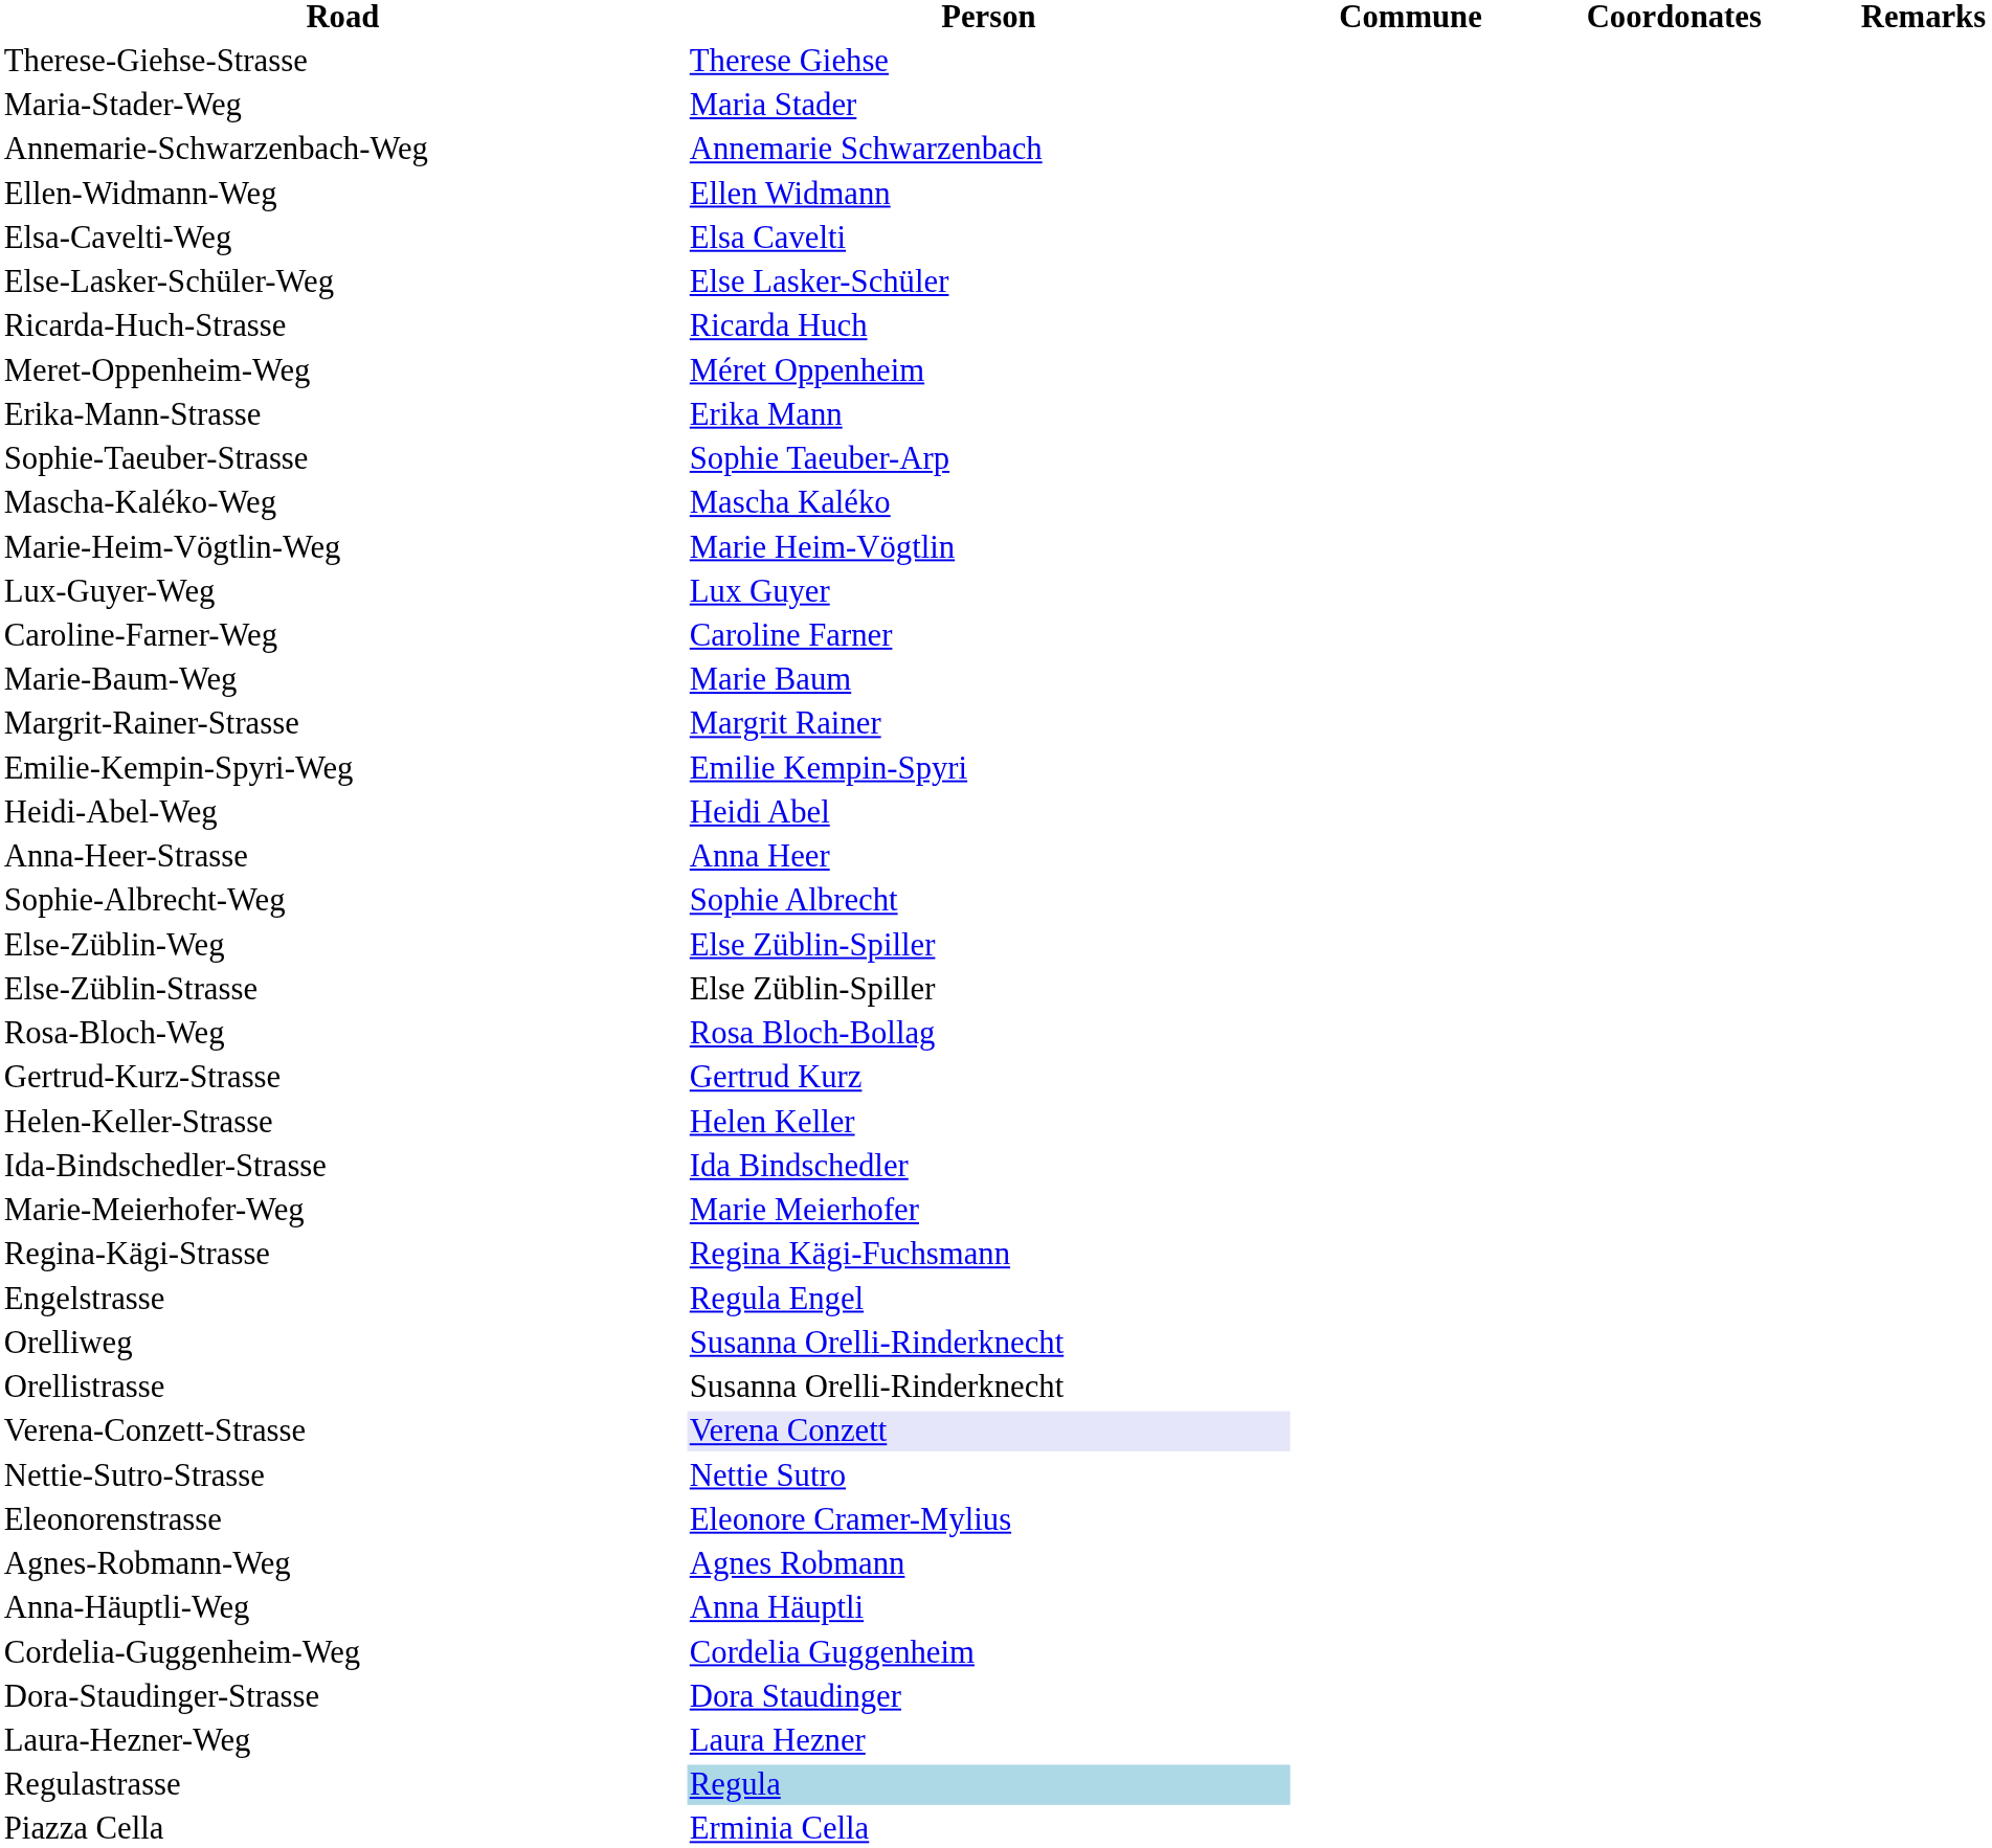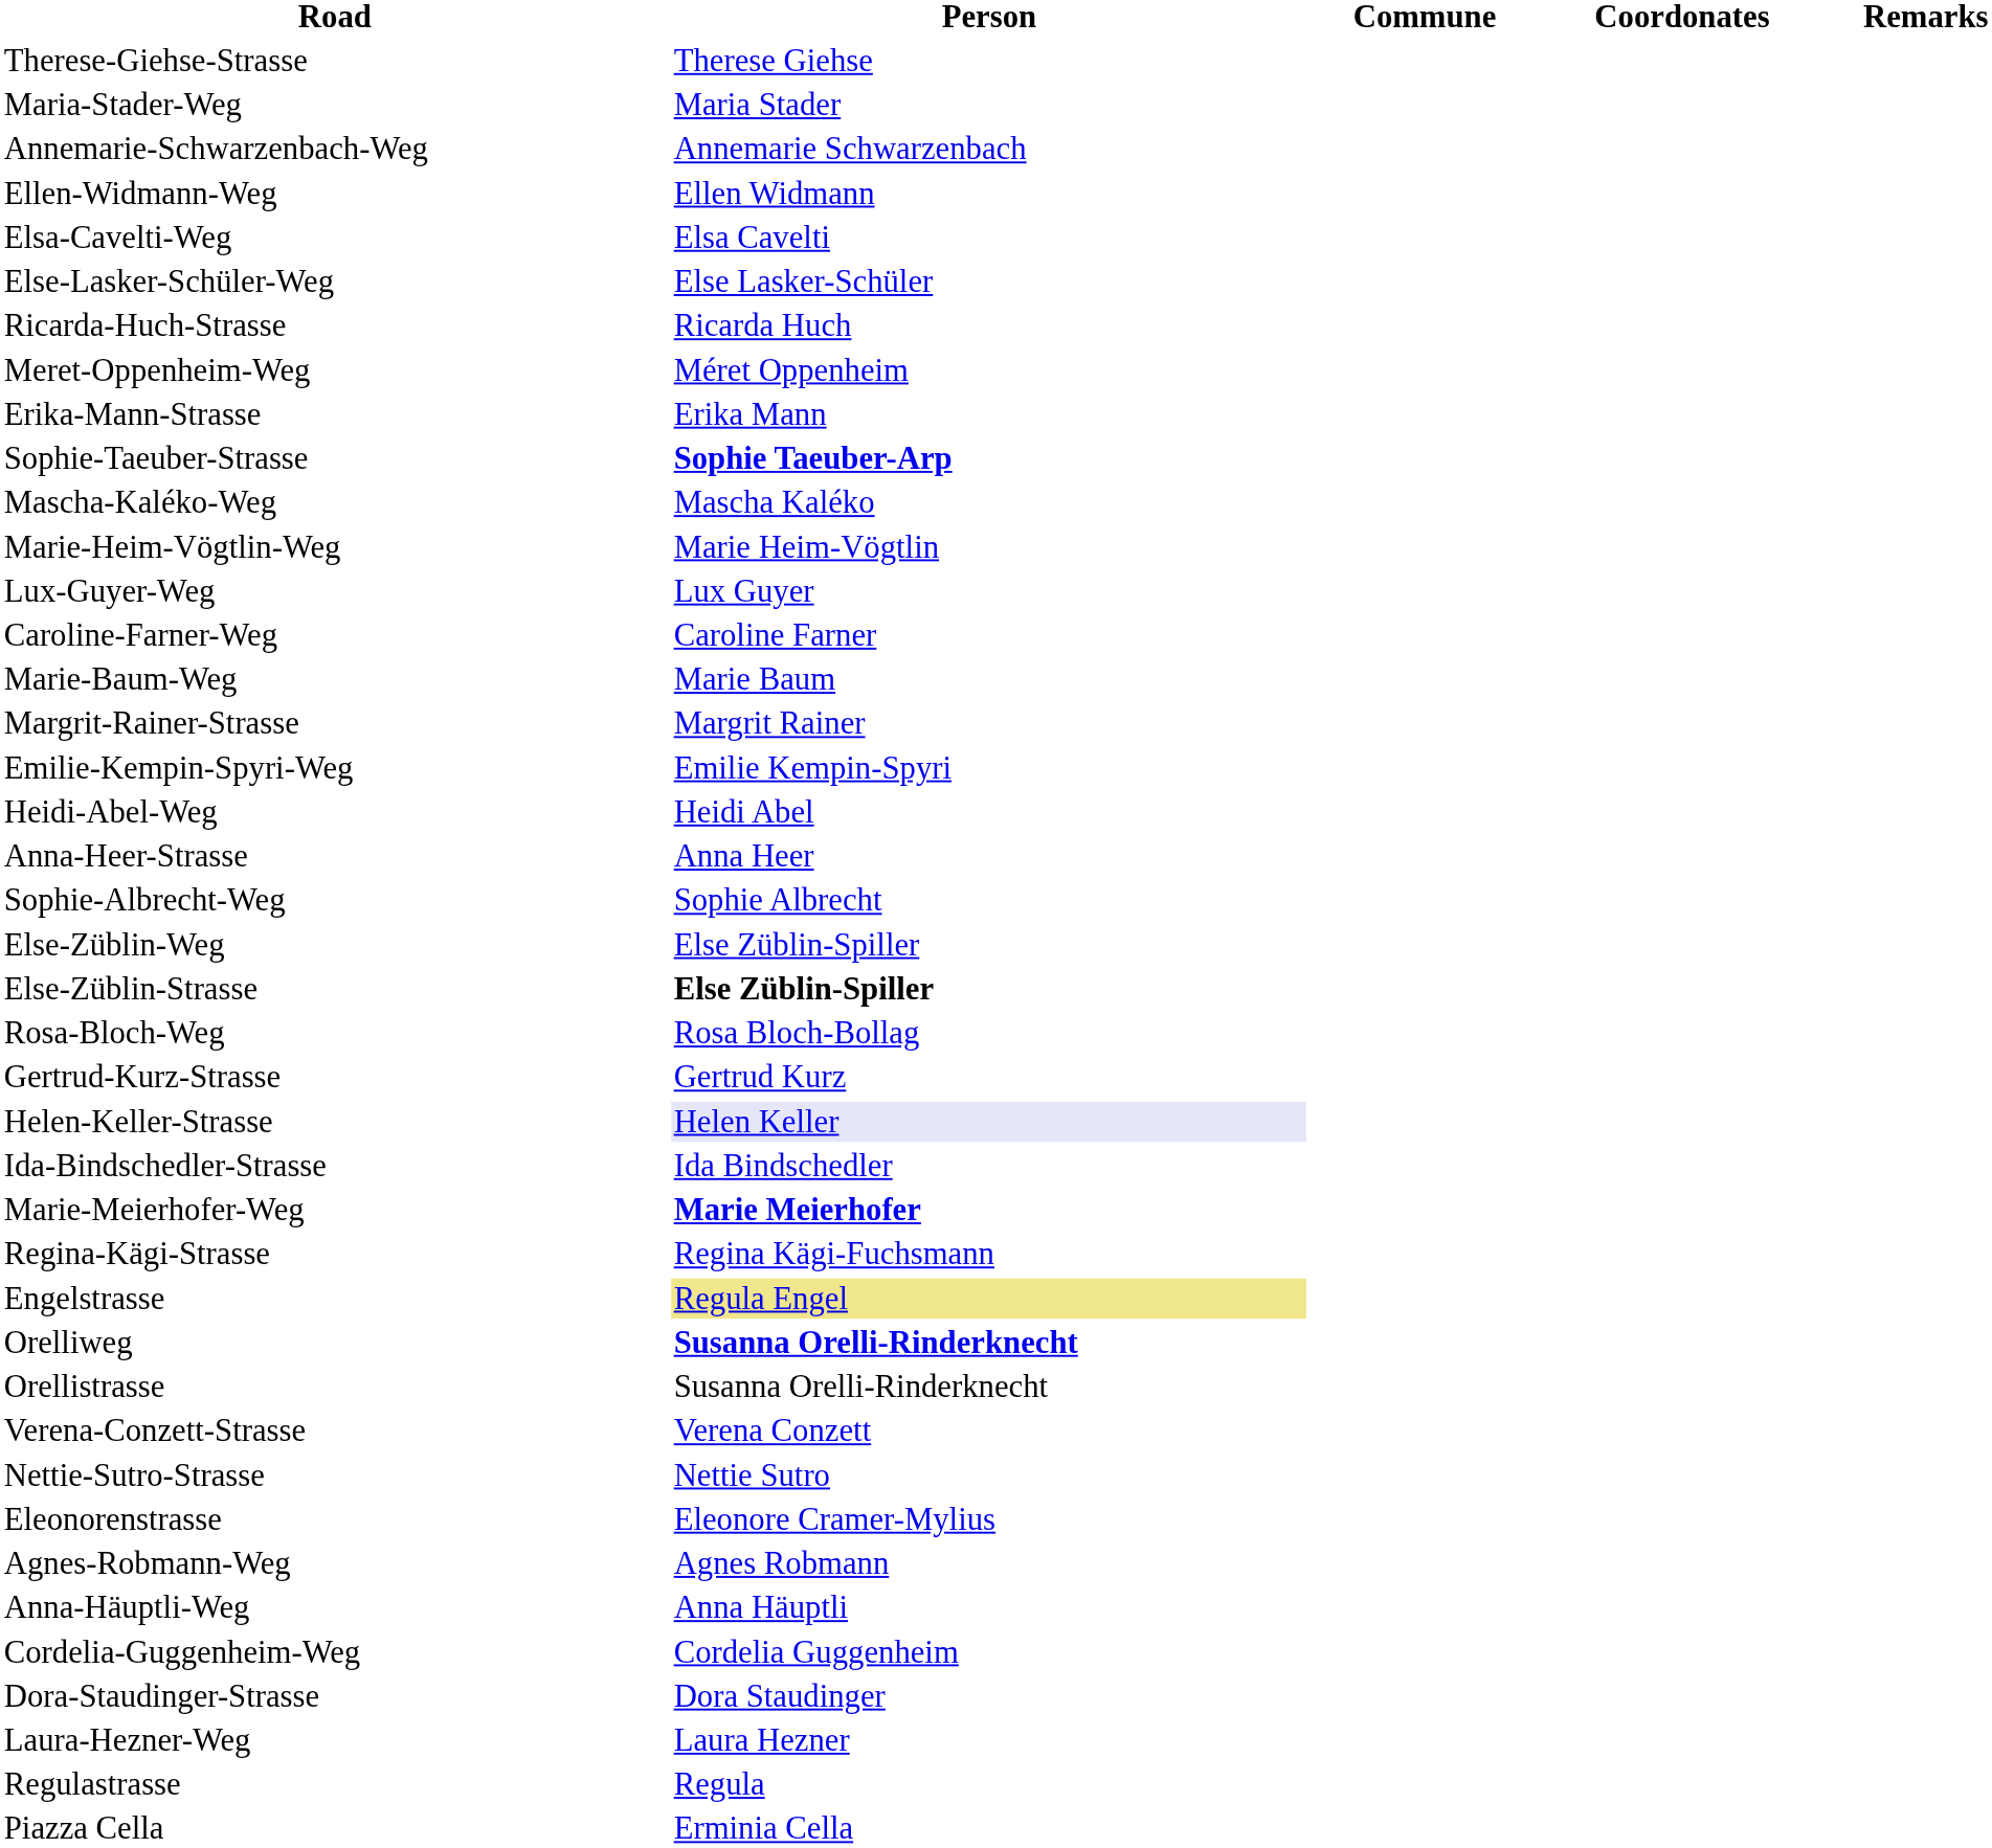 <table width="80%">
 <tr>
 <th>Road</th>
 <th>Person</th>
 <th>Commune</th>
 <th>Coordonates</th>
 <th>Remarks</th>
 </tr>
 <tr>
 <td>Therese-Giehse-Strasse</td>
 <td><a href='#'>Therese Giehse</a></td>
 <td></td>
 </tr>
 <tr>
 <td>Maria-Stader-Weg</td>
 <td><a href='#'>Maria Stader</a></td>
 <td></td>
 </tr>
 <tr>
 <td>Annemarie-Schwarzenbach-Weg</td>
 <td><a href='#'>Annemarie Schwarzenbach</a></td>
 <td></td>
 </tr>
 <tr>
 <td>Ellen-Widmann-Weg</td>
 <td><a href='#'>Ellen Widmann</a></td>
 <td></td>
 </tr>
 <tr>
 <td>Elsa-Cavelti-Weg</td>
 <td><a href='#'>Elsa Cavelti</a></td>
 <td></td>
 </tr>
 <tr>
 <td>Else-Lasker-Schüler-Weg</td>
 <td><a href='#'>Else Lasker-Schüler</a></td>
 <td></td>
 </tr>
 <tr>
 <td>Ricarda-Huch-Strasse</td>
 <td><a href='#'>Ricarda Huch</a></td>
 <td></td>
 </tr>
 <tr>
 <td>Meret-Oppenheim-Weg</td>
 <td><a href='#'>Méret Oppenheim</a></td>
 <td></td>
 </tr>
 <tr>
 <td>Erika-Mann-Strasse</td>
 <td><a href='#'>Erika Mann</a></td>
 <td></td>
 </tr>
 <tr>
 <td>Sophie-Taeuber-Strasse</td>
-<td><a href='#'>Sophie Taeuber-Arp</a></td>
+<td><strong><a href='#'>Sophie Taeuber-Arp</a></strong></td>
 <td></td>
 </tr>
 <tr>
 <td>Mascha-Kaléko-Weg</td>
 <td><a href='#'>Mascha Kaléko</a></td>
 <td></td>
 </tr>
 <tr>
 <td>Marie-Heim-Vögtlin-Weg</td>
 <td><a href='#'>Marie Heim-Vögtlin</a></td>
 <td></td>
 </tr>
 <tr>
 <td>Lux-Guyer-Weg</td>
 <td><a href='#'>Lux Guyer</a></td>
 <td></td>
 </tr>
 <tr>
 <td>Caroline-Farner-Weg</td>
 <td><a href='#'>Caroline Farner</a></td>
 </tr>
 <tr>
 <td>Marie-Baum-Weg</td>
 <td><a href='#'>Marie Baum</a></td>
 <td></td>
 </tr>
 <tr>
 <td>Margrit-Rainer-Strasse</td>
 <td><a href='#'>Margrit Rainer</a></td>
 <td></td>
 </tr>
 <tr>
 <td>Emilie-Kempin-Spyri-Weg</td>
 <td><a href='#'>Emilie Kempin-Spyri</a></td>
 <td></td>
 </tr>
 <tr>
 <td>Heidi-Abel-Weg</td>
 <td><a href='#'>Heidi Abel</a></td>
 <td></td>
 </tr>
 <tr>
 <td>Anna-Heer-Strasse</td>
 <td><a href='#'>Anna Heer</a></td>
 <td></td>
 </tr>
 <tr>
 <td>Sophie-Albrecht-Weg</td>
 <td><a href='#'>Sophie Albrecht</a></td>
 <td></td>
 </tr>
 <tr>
 <td>Else-Züblin-Weg</td>
 <td><a href='#'>Else Züblin-Spiller</a></td>
 <td></td>
 </tr>
 <tr>
 <td>Else-Züblin-Strasse</td>
-<td>Else Züblin-Spiller</td>
+<td><strong>Else Züblin-Spiller</strong></td>
 <td></td>
 </tr>
 <tr>
 <td>Rosa-Bloch-Weg</td>
 <td><a href='#'>Rosa Bloch-Bollag</a></td>
 <td></td>
 </tr>
 <tr>
 <td>Gertrud-Kurz-Strasse</td>
 <td><a href='#'>Gertrud Kurz</a></td>
 <td></td>
 </tr>
 <tr>
 <td>Helen-Keller-Strasse</td>
-<td><a href='#'>Helen Keller</a></td>
+<td style="background: lavender;"><a href='#'>Helen Keller</a></td>
 <td></td>
 </tr>
 <tr>
 <td>Ida-Bindschedler-Strasse</td>
 <td><a href='#'>Ida Bindschedler</a></td>
 <td></td>
 </tr>
 <tr>
 <td>Marie-Meierhofer-Weg</td>
-<td><a href='#'>Marie Meierhofer</a></td>
+<td><strong><a href='#'>Marie Meierhofer</a></strong></td>
 <td></td>
 </tr>
 <tr>
 <td>Regina-Kägi-Strasse</td>
 <td><a href='#'>Regina Kägi-Fuchsmann</a></td>
 <td></td>
 </tr>
 <tr>
 <td>Engelstrasse</td>
-<td><a href='#'>Regula Engel</a></td>
+<td style="background: khaki;"><a href='#'>Regula Engel</a></td>
 <td></td>
 </tr>
 <tr>
 <td>Orelliweg</td>
-<td><a href='#'>Susanna Orelli-Rinderknecht</a></td>
+<td><strong><a href='#'>Susanna Orelli-Rinderknecht</a></strong></td>
 <td></td>
 </tr>
 <tr>
 <td>Orellistrasse</td>
 <td>Susanna Orelli-Rinderknecht</td>
 <td></td>
 </tr>
 <tr>
 <td>Verena-Conzett-Strasse</td>
-<td style="background: lavender;"><a href='#'>Verena Conzett</a></td>
+<td><a href='#'>Verena Conzett</a></td>
 <td></td>
 </tr>
 <tr>
 <td>Nettie-Sutro-Strasse</td>
 <td><a href='#'>Nettie Sutro</a></td>
 <td></td>
 </tr>
 <tr>
 <td>Eleonorenstrasse</td>
 <td><a href='#'>Eleonore Cramer-Mylius</a></td>
 <td></td>
 </tr>
 <tr>
 <td>Agnes-Robmann-Weg</td>
 <td><a href='#'>Agnes Robmann</a></td>
 <td></td>
 </tr>
 <tr>
 <td>Anna-Häuptli-Weg</td>
 <td><a href='#'>Anna Häuptli</a></td>
 <td></td>
 </tr>
 <tr>
 <td>Cordelia-Guggenheim-Weg</td>
 <td><a href='#'>Cordelia Guggenheim</a></td>
 <td></td>
 </tr>
 <tr>
 <td>Dora-Staudinger-Strasse</td>
 <td><a href='#'>Dora Staudinger</a></td>
 <td></td>
 </tr>
 <tr>
 <td>Laura-Hezner-Weg</td>
 <td><a href='#'>Laura Hezner</a></td>
 <td></td>
 </tr>
 <tr>
 <td>Regulastrasse</td>
-<td style="background: lightblue;"><a href='#'>Regula</a></td>
+<td><a href='#'>Regula</a></td>
 <td></td>
 </tr>
 <tr>
 <td>Piazza Cella</td>
 <td><a href='#'>Erminia Cella</a></td>
 <td></td>
 </tr>
 <tr>
 </tr>
 </table>
